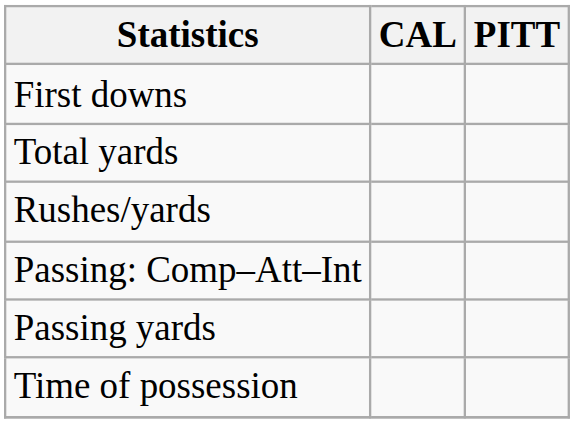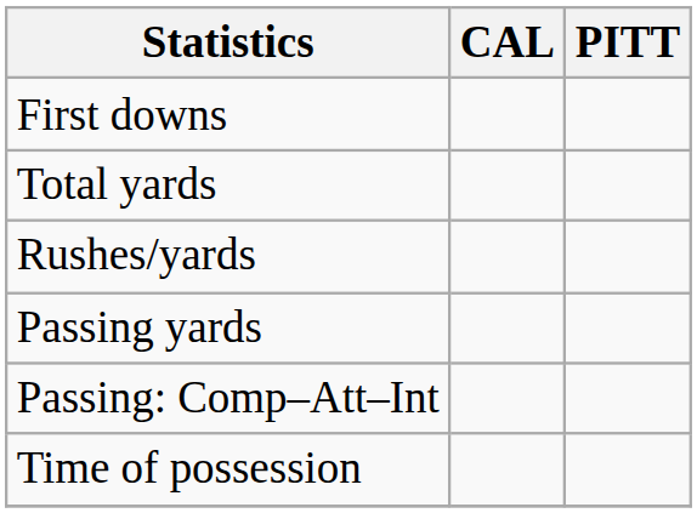 <table class="wikitable" style="float: left;">
 <tr>
 <th>Statistics</th>
 <th>CAL</th>
 <th>PITT</th>
 </tr>
 <tr>
 <td>First downs</td>
 <td></td>
 <td></td>
 </tr>
 <tr>
 <td>Total yards</td>
 <td></td>
 <td></td>
 </tr>
 <tr>
 <td>Rushes/yards</td>
 <td></td>
 <td></td>
 </tr>
 <tr>
-<td>Passing: Comp–Att–Int</td>
+<td>Passing yards</td>
 <td></td>
 <td></td>
 </tr>
 <tr>
-<td>Passing yards</td>
+<td>Passing: Comp–Att–Int</td>
 <td></td>
 <td></td>
 </tr>
 <tr>
 <td>Time of possession</td>
 <td></td>
 <td></td>
 </tr>
 <tr>
 </tr>
 </table>
